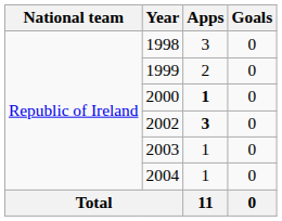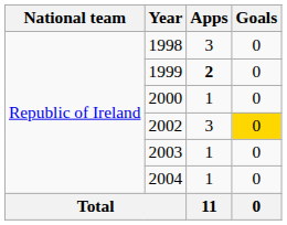 <table class="wikitable" style="text-align:center">
 <tr>
 <th>National team</th>
 <th>Year</th>
 <th>Apps</th>
 <th>Goals</th>
 </tr>
 <tr>
 <td rowspan="6"><a href='#'>Republic of Ireland</a></td>
 <td>1998</td>
 <td>3</td>
 <td>0</td>
 </tr>
 <tr>
 <td>1999</td>
-<td>2</td>
+<td><strong>2</strong></td>
 <td>0</td>
 </tr>
 <tr>
 <td>2000</td>
-<td><strong>1</strong></td>
+<td>1</td>
 <td>0</td>
 </tr>
 <tr>
 <td>2002</td>
-<td><strong>3</strong></td>
-<td>0</td>
+<td>3</td>
+<td style="background: gold;">0</td>
 </tr>
 <tr>
 <td>2003</td>
 <td>1</td>
 <td>0</td>
 </tr>
 <tr>
 <td>2004</td>
 <td>1</td>
 <td>0</td>
 </tr>
 <tr>
 <th colspan="2">Total</th>
 <th>11</th>
 <th>0</th>
 </tr>
 </table>
